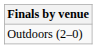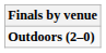 <table class=wikitable style=font-size:97%>
 <tr>
 <th>Finals by venue</th>
 </tr>
 <tr>
-<td>Outdoors (2–0)</td>
+<td><strong>Outdoors (2–0)</strong></td>
 </tr>
 </table>
